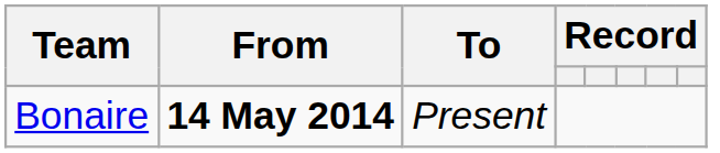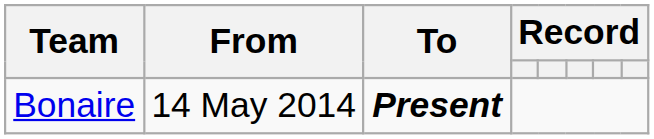 <table class="wikitable" style="text-align: center">
 <tr>
 <th rowspan="2">Team</th>
 <th rowspan="2">From</th>
 <th rowspan="2">To</th>
 <th colspan="9">Record</th>
 </tr>
 <tr>
 <th></th>
 <th></th>
 <th></th>
 <th></th>
 <th></th>
 </tr>
 <tr>
 <td><a href='#'>Bonaire</a></td>
-<td><strong>14 May 2014</strong></td>
-<td><em>Present</em><br></td>
+<td>14 May 2014</td>
+<td><strong><em>Present</em><br></strong></td>
 </tr>
 </table>
